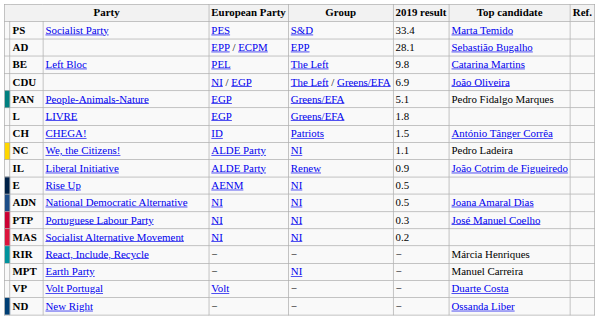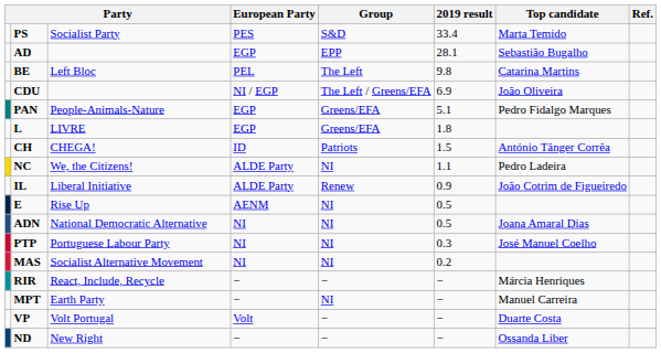 <table class="wikitable">
 <tr>
 <th colspan="3" style="width: 220pt;">Party</th>
 <th>European Party</th>
 <th>Group</th>
 <th>2019 result</th>
 <th>Top candidate</th>
 <th>Ref.</th>
 </tr>
 <tr>
 <td width="1" style="color:inherit;background:"></td>
 <td><strong>PS</strong></td>
 <td><a href='#'>Socialist Party</a></td>
 <td><a href='#'>PES</a></td>
 <td><a href='#'>S&D</a></td>
 <td>33.4</td>
 <td><a href='#'>Marta Temido</a></td>
 <td></td>
 </tr>
 <tr>
 <td style="color:inherit;background:"></td>
 <td><strong>AD</strong></td>
 <td></td>
-<td><a href='#'>EPP</a> / <a href='#'>ECPM</a></td>
+<td><a href='#'>EGP</a></td>
 <td><a href='#'>EPP</a></td>
 <td>28.1</td>
 <td><a href='#'>Sebastião Bugalho</a></td>
 <td></td>
 </tr>
 <tr>
 <td style="color:inherit;background:"></td>
 <td><strong>BE</strong></td>
 <td><a href='#'>Left Bloc</a></td>
 <td><a href='#'>PEL</a></td>
 <td><a href='#'>The Left</a></td>
 <td>9.8</td>
 <td><a href='#'>Catarina Martins</a></td>
 <td></td>
 </tr>
 <tr>
 <td style="color:inherit;background:"></td>
 <td><strong>CDU</strong></td>
 <td></td>
 <td><a href='#'>NI</a> / <a href='#'>EGP</a></td>
 <td><a href='#'>The Left</a> / <a href='#'>Greens/EFA</a></td>
 <td>6.9</td>
 <td><a href='#'>João Oliveira</a></td>
 <td></td>
 </tr>
 <tr>
 <td style="background:teal;"></td>
 <td><strong>PAN</strong></td>
 <td><a href='#'>People-Animals-Nature</a></td>
 <td><a href='#'>EGP</a></td>
 <td><a href='#'>Greens/EFA</a></td>
 <td>5.1</td>
 <td>Pedro Fidalgo Marques</td>
 <td></td>
 </tr>
 <tr>
 <td style="color:inherit;background:"></td>
 <td><strong>L</strong></td>
 <td><a href='#'>LIVRE</a></td>
 <td><a href='#'>EGP</a></td>
 <td><a href='#'>Greens/EFA</a></td>
 <td>1.8</td>
 <td></td>
 <td></td>
 </tr>
 <tr>
 <td style="color:inherit;background:"></td>
 <td><strong>CH</strong></td>
 <td><a href='#'>CHEGA!</a></td>
 <td><a href='#'>ID</a></td>
 <td><a href='#'>Patriots</a></td>
 <td>1.5</td>
 <td><a href='#'>António Tânger Corrêa</a></td>
 <td></td>
 </tr>
 <tr>
 <td style="background:gold;"></td>
 <td><strong>NC</strong></td>
 <td><a href='#'>We, the Citizens!</a></td>
 <td><a href='#'>ALDE Party</a></td>
 <td><a href='#'>NI</a></td>
 <td>1.1</td>
 <td>Pedro Ladeira</td>
 <td></td>
 </tr>
 <tr>
 <td style="color:inherit;background:"></td>
 <td><strong>IL</strong></td>
 <td><a href='#'>Liberal Initiative</a></td>
 <td><a href='#'>ALDE Party</a></td>
 <td><a href='#'>Renew</a></td>
 <td>0.9</td>
 <td><a href='#'>João Cotrim de Figueiredo</a></td>
 <td></td>
 </tr>
 <tr>
 <td style="color:inherit;background:#002147;"></td>
 <td><strong>E</strong></td>
 <td><a href='#'>Rise Up</a></td>
 <td><a href='#'>AENM</a></td>
 <td><a href='#'>NI</a></td>
 <td>0.5</td>
 <td></td>
 <td></td>
 </tr>
 <tr>
 <td style="color:inherit;background:#1D4E89;"></td>
 <td><strong>ADN</strong></td>
 <td><a href='#'>National Democratic Alternative</a></td>
 <td><a href='#'>NI</a></td>
 <td><a href='#'>NI</a></td>
 <td>0.5</td>
 <td><a href='#'>Joana Amaral Dias</a></td>
 <td></td>
 </tr>
 <tr>
 <td style="color:inherit;background:#CC0033;"></td>
 <td><strong>PTP</strong></td>
 <td><a href='#'>Portuguese Labour Party</a></td>
 <td><a href='#'>NI</a></td>
 <td><a href='#'>NI</a></td>
 <td>0.3</td>
 <td><a href='#'>José Manuel Coelho</a></td>
 <td></td>
 </tr>
 <tr>
 <td style="background:crimson;"></td>
 <td><strong>MAS</strong></td>
 <td><a href='#'>Socialist Alternative Movement</a></td>
 <td><a href='#'>NI</a></td>
 <td><a href='#'>NI</a></td>
 <td>0.2</td>
 <td></td>
 <td></td>
 </tr>
 <tr>
 <td style="color:inherit;background:#00939d;"></td>
 <td><strong>RIR</strong></td>
 <td><a href='#'>React, Include, Recycle</a></td>
 <td>−</td>
 <td>−</td>
 <td>−</td>
 <td>Márcia Henriques</td>
 <td></td>
 </tr>
 <tr>
 <td style="color:inherit;background:"></td>
 <td><strong>MPT</strong></td>
 <td><a href='#'>Earth Party</a></td>
 <td>−</td>
 <td><a href='#'>NI</a></td>
 <td>−</td>
 <td>Manuel Carreira</td>
 <td></td>
 </tr>
 <tr>
 <td style="color:inherit;background:"></td>
 <td><strong>VP</strong></td>
 <td><a href='#'>Volt Portugal</a></td>
 <td><a href='#'>Volt</a></td>
 <td>−</td>
 <td>−</td>
 <td><a href='#'>Duarte Costa</a></td>
 <td></td>
 </tr>
 <tr>
 <td style="color:inherit;background:#003F75;"></td>
 <td><strong>ND</strong></td>
 <td><a href='#'>New Right</a></td>
 <td>−</td>
 <td>−</td>
 <td>−</td>
 <td><a href='#'>Ossanda Liber</a></td>
 <td></td>
 </tr>
 </table>
